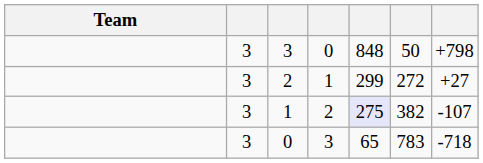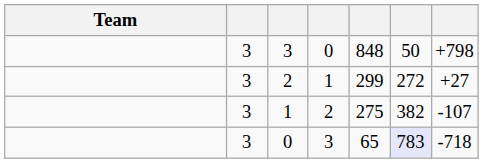 <table class="wikitable" style="text-align: center; font-size: 90%;">
 <tr>
 <th width=165>Team</th>
 <th width=25></th>
 <th width=25></th>
 <th width=25></th>
 <th width=25></th>
 <th width=25></th>
 <th width=25></th>
 </tr>
 <tr>
 <td style="text-align:left;"></td>
 <td>3</td>
 <td>3</td>
 <td>0</td>
 <td>848</td>
 <td>50</td>
 <td>+798</td>
 </tr>
 <tr>
 <td style="text-align:left;"></td>
 <td>3</td>
 <td>2</td>
 <td>1</td>
 <td>299</td>
 <td>272</td>
 <td>+27</td>
 </tr>
 <tr>
 <td style="text-align:left;"></td>
 <td>3</td>
 <td>1</td>
 <td>2</td>
-<td style="background: lavender;">275</td>
+<td>275</td>
 <td>382</td>
 <td>-107</td>
 </tr>
 <tr>
 <td style="text-align:left;"></td>
 <td>3</td>
 <td>0</td>
 <td>3</td>
 <td>65</td>
-<td>783</td>
+<td style="background: lavender;">783</td>
 <td>-718</td>
 </tr>
 </table>
